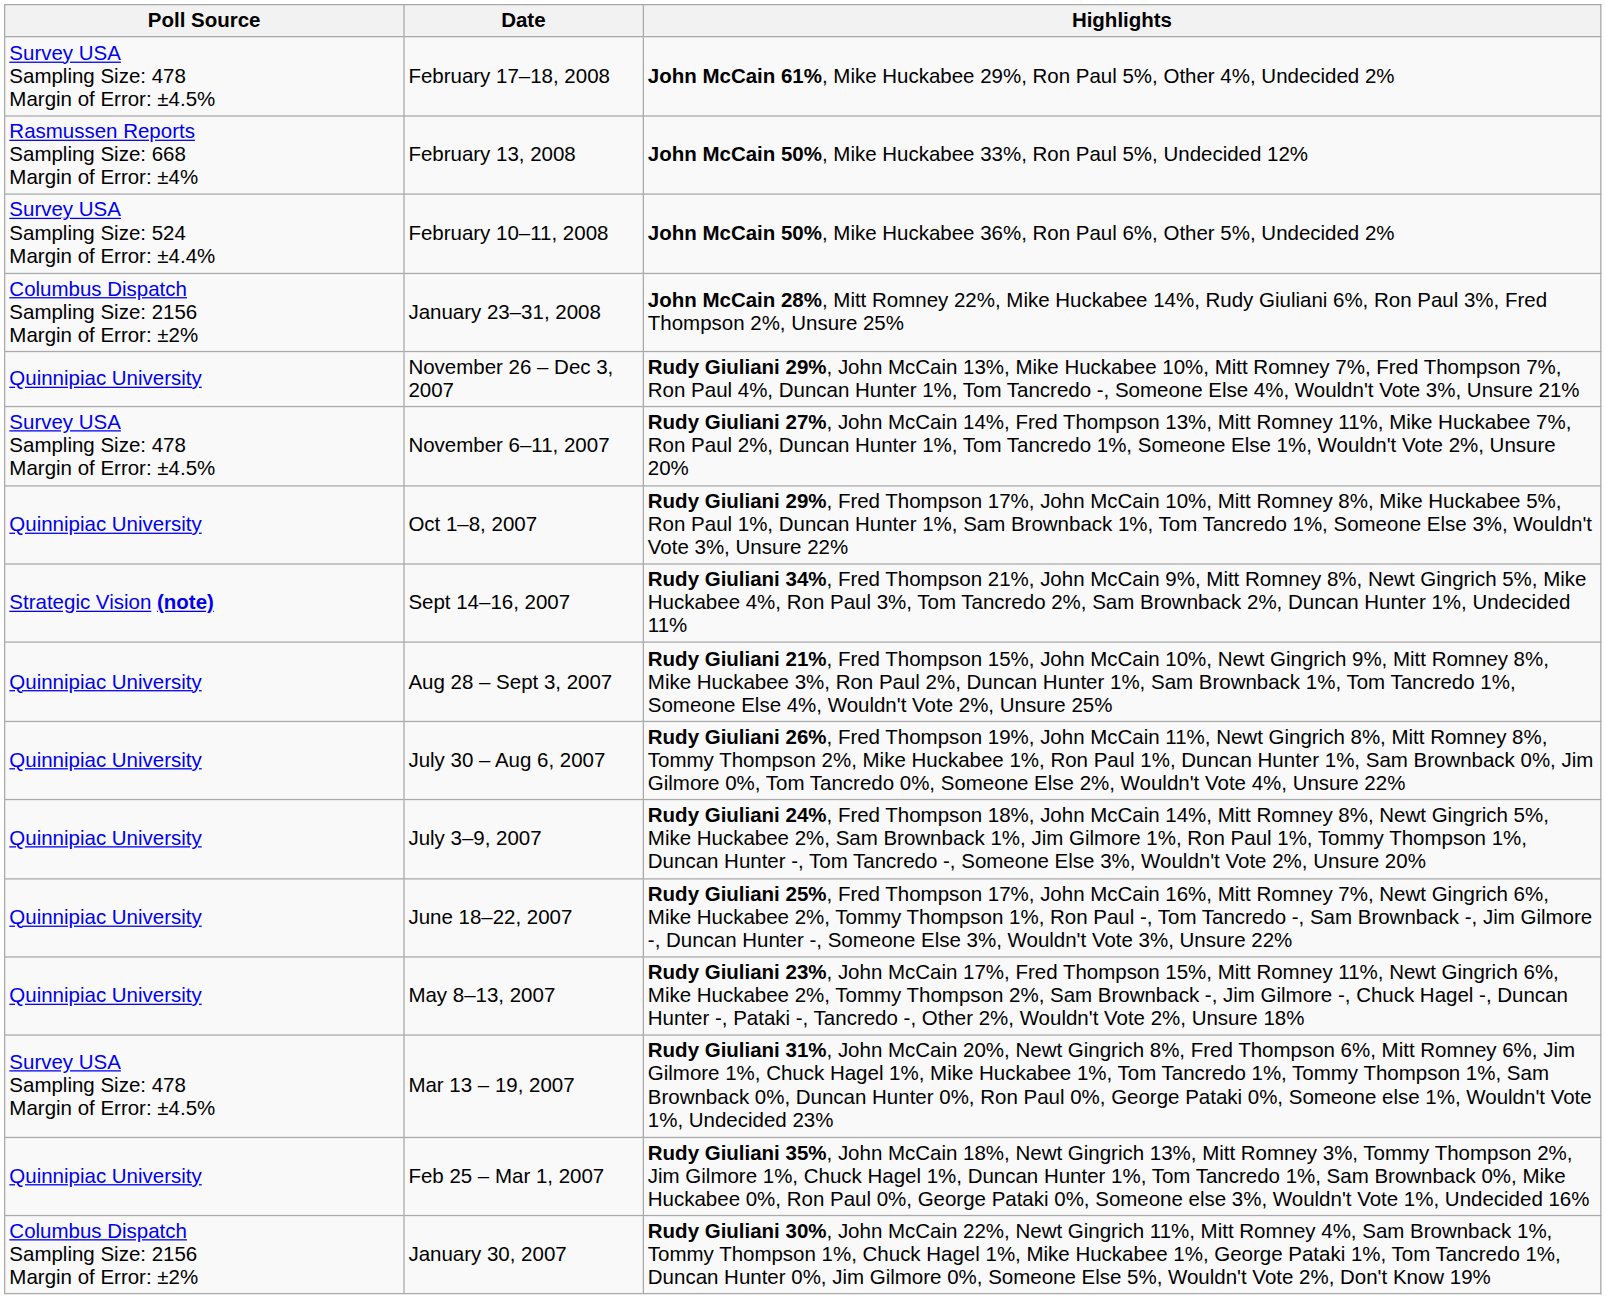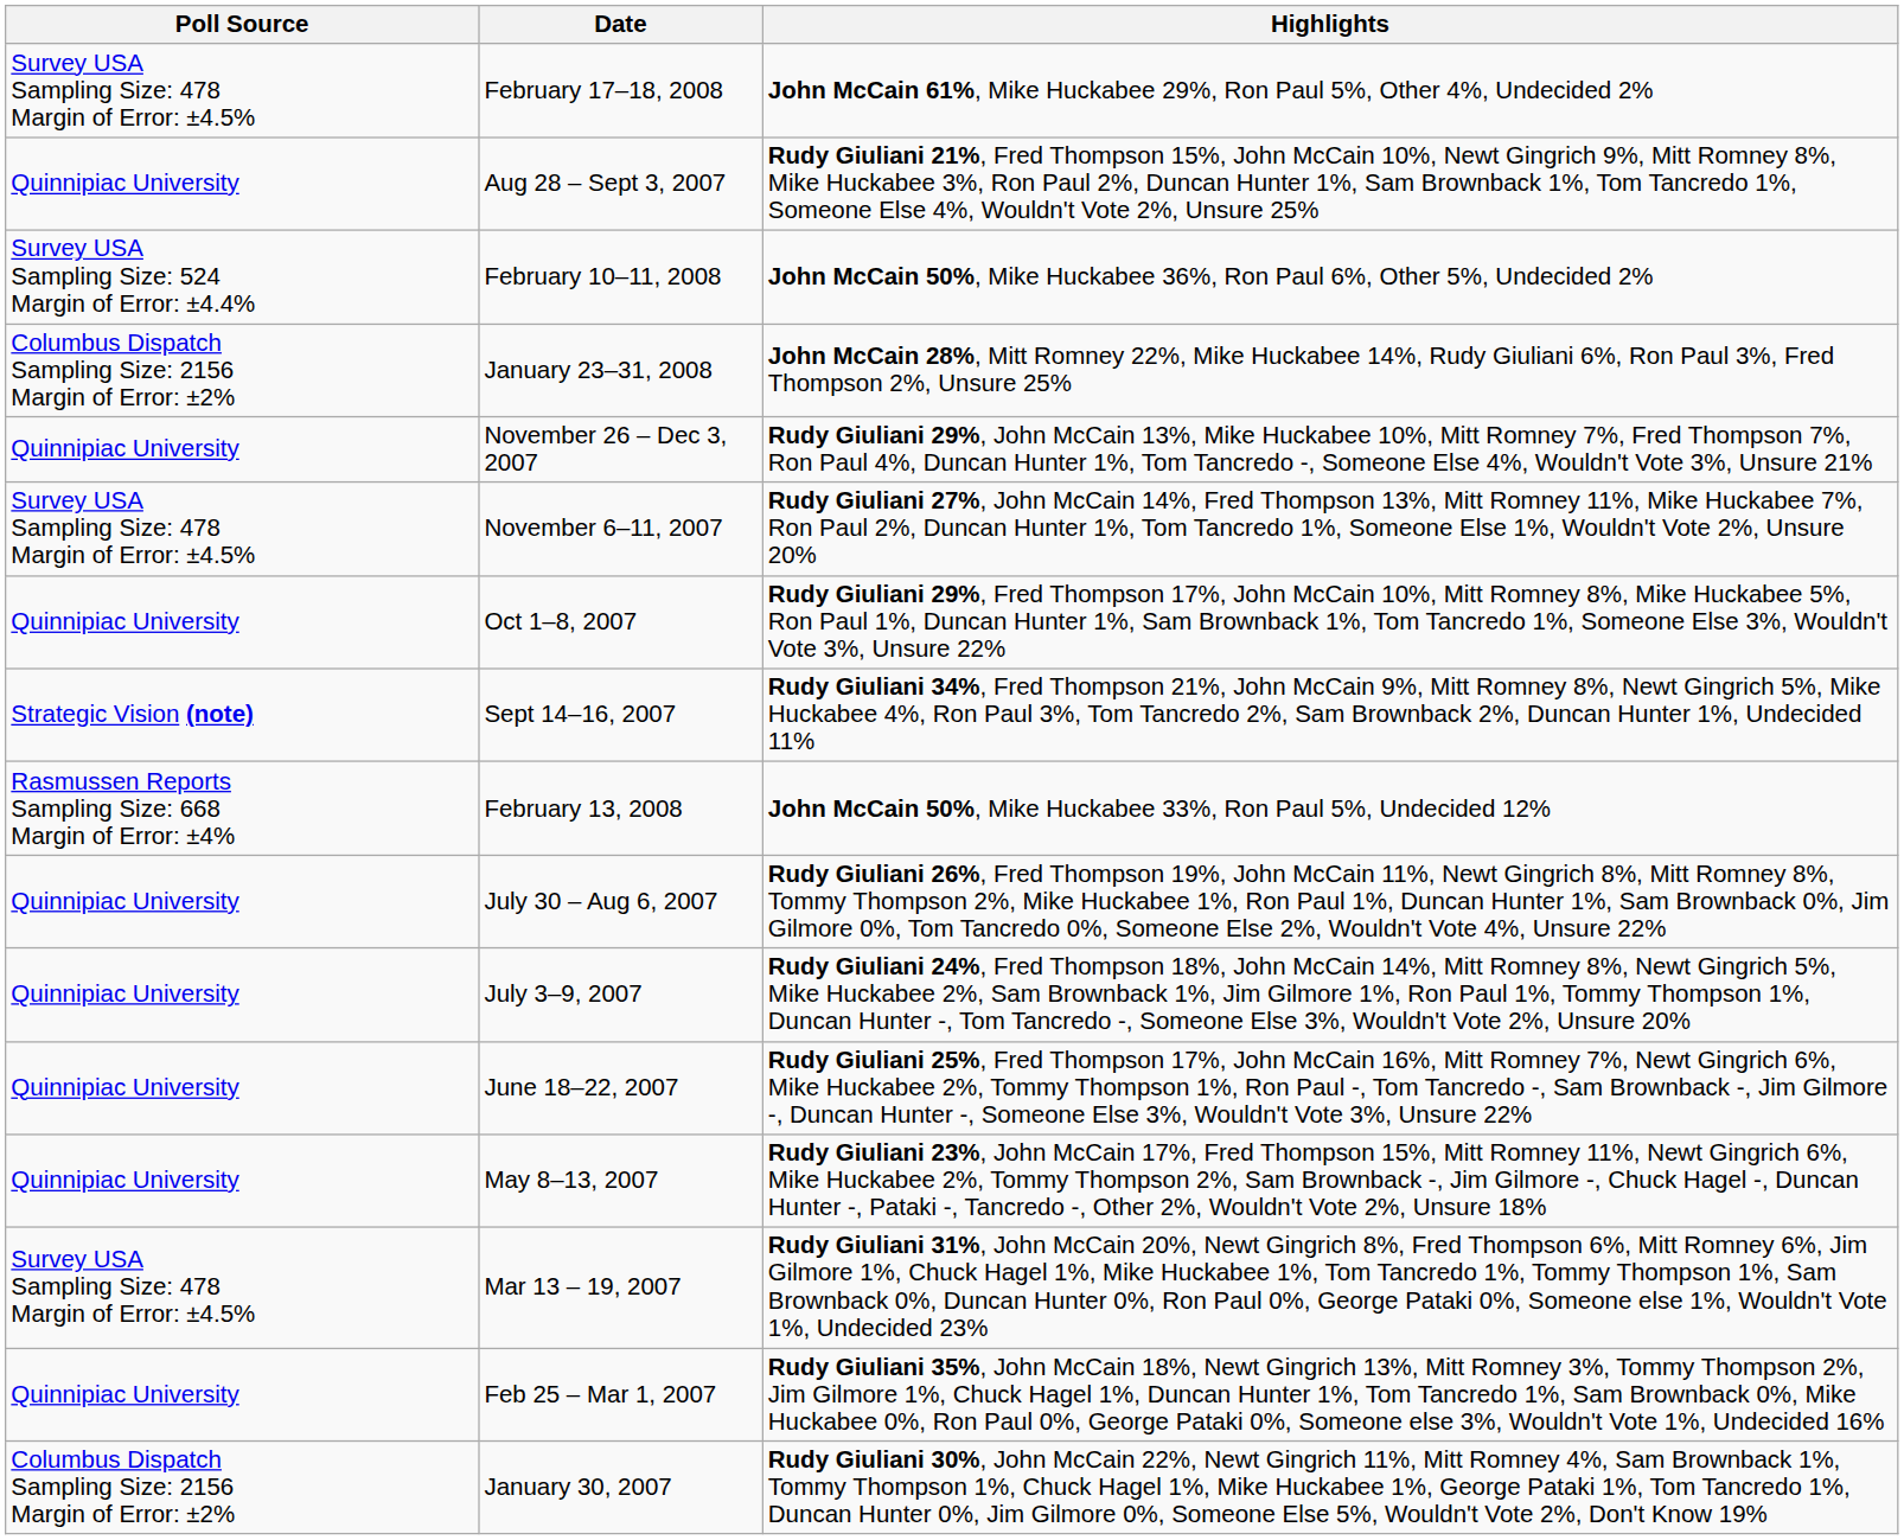 <table class="wikitable sortable">
 <tr>
 <th width="25%">Poll Source</th>
 <th width="15%">Date</th>
 <th width="60%">Highlights</th>
 </tr>
 <tr>
 <td><a href='#'>Survey USA</a><br>Sampling Size: 478<br> Margin of Error: ±4.5%</td>
 <td>February 17–18, 2008</td>
 <td><strong>John McCain 61%</strong>, Mike Huckabee 29%, Ron Paul 5%, Other 4%, Undecided 2%</td>
 </tr>
 <tr>
-<td><a href='#'>Rasmussen Reports</a><br>Sampling Size: 668<br> Margin of Error: ±4%</td>
-<td>February 13, 2008</td>
-<td><strong>John McCain 50%</strong>, Mike Huckabee 33%, Ron Paul 5%, Undecided 12%</td>
+<td><a href='#'>Quinnipiac University</a></td>
+<td>Aug 28 – Sept 3, 2007</td>
+<td><strong>Rudy Giuliani 21%</strong>, Fred Thompson 15%, John McCain 10%, Newt Gingrich 9%, Mitt Romney 8%, Mike Huckabee 3%, Ron Paul 2%, Duncan Hunter 1%, Sam Brownback 1%, Tom Tancredo 1%, Someone Else 4%, Wouldn't Vote 2%, Unsure 25%</td>
 </tr>
 <tr>
 <td><a href='#'>Survey USA</a><br>Sampling Size: 524<br> Margin of Error: ±4.4%</td>
 <td>February 10–11, 2008</td>
 <td><strong>John McCain 50%</strong>, Mike Huckabee 36%, Ron Paul 6%, Other 5%, Undecided 2%</td>
 </tr>
 <tr>
 <td><a href='#'>Columbus Dispatch</a><br>Sampling Size: 2156<br> Margin of Error: ±2%</td>
 <td>January 23–31, 2008</td>
 <td><strong>John McCain 28%</strong>, Mitt Romney 22%, Mike Huckabee 14%, Rudy Giuliani 6%, Ron Paul 3%, Fred Thompson 2%, Unsure 25%</td>
 </tr>
 <tr>
 <td><a href='#'>Quinnipiac University</a></td>
 <td>November 26 – Dec 3, 2007</td>
 <td><strong>Rudy Giuliani 29%</strong>, John McCain 13%, Mike Huckabee 10%, Mitt Romney 7%, Fred Thompson 7%, Ron Paul 4%, Duncan Hunter 1%, Tom Tancredo -, Someone Else 4%, Wouldn't Vote 3%, Unsure 21%</td>
 </tr>
 <tr>
 <td><a href='#'>Survey USA</a><br>Sampling Size: 478<br> Margin of Error: ±4.5%</td>
 <td>November 6–11, 2007</td>
 <td><strong>Rudy Giuliani 27%</strong>, John McCain 14%, Fred Thompson 13%, Mitt Romney 11%, Mike Huckabee 7%, Ron Paul 2%, Duncan Hunter 1%, Tom Tancredo 1%, Someone Else 1%, Wouldn't Vote 2%, Unsure 20%</td>
 </tr>
 <tr>
 <td><a href='#'>Quinnipiac University</a></td>
 <td>Oct 1–8, 2007</td>
 <td><strong>Rudy Giuliani 29%</strong>, Fred Thompson 17%, John McCain 10%, Mitt Romney 8%, Mike Huckabee 5%, Ron Paul 1%, Duncan Hunter 1%, Sam Brownback 1%, Tom Tancredo 1%, Someone Else 3%, Wouldn't Vote 3%, Unsure 22%</td>
 </tr>
 <tr>
 <td><a href='#'>Strategic Vision</a> <strong><a href='#'>(note)</a></strong></td>
 <td>Sept 14–16, 2007</td>
 <td><strong>Rudy Giuliani 34%</strong>, Fred Thompson 21%, John McCain 9%, Mitt Romney 8%, Newt Gingrich 5%, Mike Huckabee 4%, Ron Paul 3%, Tom Tancredo 2%, Sam Brownback 2%, Duncan Hunter 1%, Undecided 11%</td>
 </tr>
 <tr>
-<td><a href='#'>Quinnipiac University</a></td>
-<td>Aug 28 – Sept 3, 2007</td>
-<td><strong>Rudy Giuliani 21%</strong>, Fred Thompson 15%, John McCain 10%, Newt Gingrich 9%, Mitt Romney 8%, Mike Huckabee 3%, Ron Paul 2%, Duncan Hunter 1%, Sam Brownback 1%, Tom Tancredo 1%, Someone Else 4%, Wouldn't Vote 2%, Unsure 25%</td>
+<td><a href='#'>Rasmussen Reports</a><br>Sampling Size: 668<br> Margin of Error: ±4%</td>
+<td>February 13, 2008</td>
+<td><strong>John McCain 50%</strong>, Mike Huckabee 33%, Ron Paul 5%, Undecided 12%</td>
 </tr>
 <tr>
 <td><a href='#'>Quinnipiac University</a></td>
 <td>July 30 – Aug 6, 2007</td>
 <td><strong>Rudy Giuliani 26%</strong>, Fred Thompson 19%, John McCain 11%, Newt Gingrich 8%, Mitt Romney 8%, Tommy Thompson 2%, Mike Huckabee 1%, Ron Paul 1%, Duncan Hunter 1%, Sam Brownback 0%, Jim Gilmore 0%, Tom Tancredo 0%, Someone Else 2%, Wouldn't Vote 4%, Unsure 22%</td>
 </tr>
 <tr>
 <td><a href='#'>Quinnipiac University</a></td>
 <td>July 3–9, 2007</td>
 <td><strong>Rudy Giuliani 24%</strong>, Fred Thompson 18%, John McCain 14%, Mitt Romney 8%, Newt Gingrich 5%, Mike Huckabee 2%, Sam Brownback 1%, Jim Gilmore 1%, Ron Paul 1%, Tommy Thompson 1%, Duncan Hunter -, Tom Tancredo -, Someone Else 3%, Wouldn't Vote 2%, Unsure 20%</td>
 </tr>
 <tr>
 <td><a href='#'>Quinnipiac University</a></td>
 <td>June 18–22, 2007</td>
 <td><strong>Rudy Giuliani 25%</strong>, Fred Thompson 17%, John McCain 16%, Mitt Romney 7%, Newt Gingrich 6%, Mike Huckabee 2%, Tommy Thompson 1%, Ron Paul -, Tom Tancredo -, Sam Brownback -, Jim Gilmore -, Duncan Hunter -, Someone Else 3%, Wouldn't Vote 3%, Unsure 22%</td>
 </tr>
 <tr>
 <td><a href='#'>Quinnipiac University</a></td>
 <td>May 8–13, 2007</td>
 <td><strong>Rudy Giuliani 23%</strong>, John McCain 17%, Fred Thompson 15%, Mitt Romney 11%, Newt Gingrich 6%, Mike Huckabee 2%, Tommy Thompson 2%, Sam Brownback -, Jim Gilmore -, Chuck Hagel -, Duncan Hunter -, Pataki -, Tancredo -, Other 2%, Wouldn't Vote 2%, Unsure 18%</td>
 </tr>
 <tr>
 <td><a href='#'>Survey USA</a><br>Sampling Size: 478<br> Margin of Error: ±4.5%</td>
 <td>Mar 13 – 19, 2007</td>
 <td><strong>Rudy Giuliani 31%</strong>, John McCain 20%, Newt Gingrich 8%, Fred Thompson 6%, Mitt Romney 6%, Jim Gilmore 1%, Chuck Hagel 1%, Mike Huckabee 1%, Tom Tancredo 1%, Tommy Thompson 1%, Sam Brownback 0%, Duncan Hunter 0%, Ron Paul 0%, George Pataki 0%, Someone else 1%, Wouldn't Vote 1%, Undecided 23%</td>
 </tr>
 <tr>
 <td><a href='#'>Quinnipiac University</a></td>
 <td>Feb 25 – Mar 1, 2007</td>
 <td><strong>Rudy Giuliani 35%</strong>, John McCain 18%, Newt Gingrich 13%, Mitt Romney 3%, Tommy Thompson 2%, Jim Gilmore 1%, Chuck Hagel 1%, Duncan Hunter 1%, Tom Tancredo 1%, Sam Brownback 0%, Mike Huckabee 0%, Ron Paul 0%, George Pataki 0%, Someone else 3%, Wouldn't Vote 1%, Undecided 16%</td>
 </tr>
 <tr>
 <td><a href='#'>Columbus Dispatch</a><br>Sampling Size: 2156<br> Margin of Error: ±2%</td>
 <td>January 30, 2007</td>
 <td><strong>Rudy Giuliani 30%</strong>, John McCain 22%, Newt Gingrich 11%, Mitt Romney 4%, Sam Brownback 1%, Tommy Thompson 1%, Chuck Hagel 1%, Mike Huckabee 1%, George Pataki 1%, Tom Tancredo 1%, Duncan Hunter 0%, Jim Gilmore 0%, Someone Else 5%, Wouldn't Vote 2%, Don't Know 19%</td>
 </tr>
 </table>
